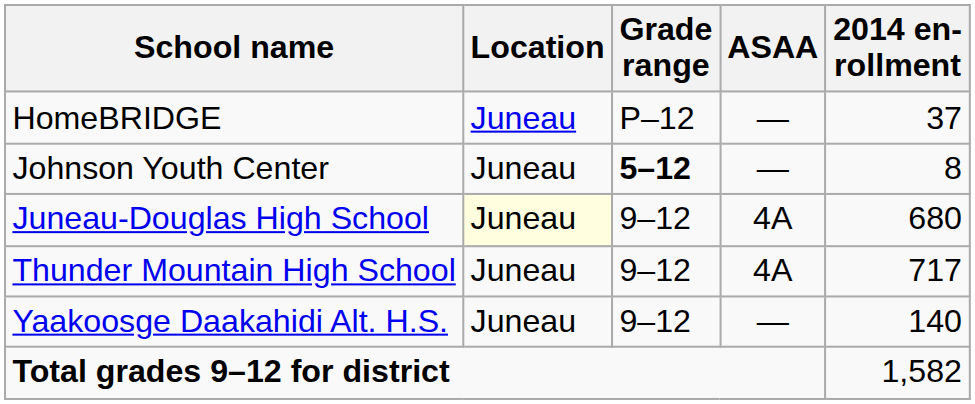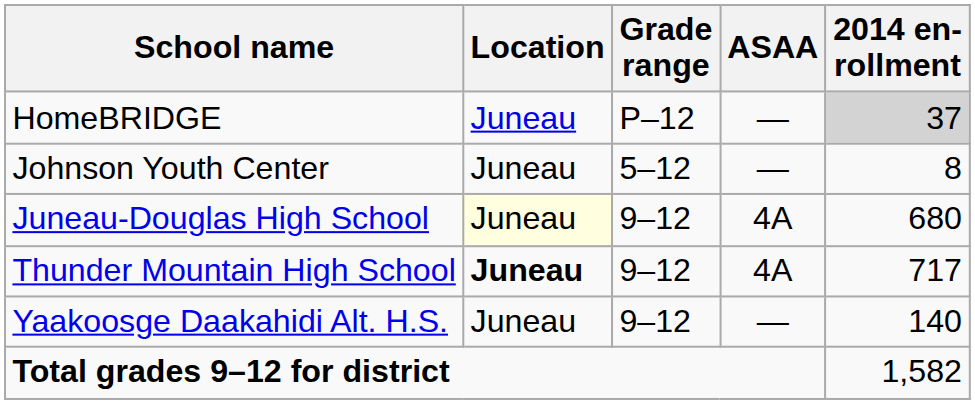 <table class="wikitable">
 <tr>
 <th>School name</th>
 <th>Location</th>
 <th>Grade<br>range</th>
 <th>ASAA</th>
 <th>2014 en-<br>rollment</th>
 </tr>
 <tr>
 <td>HomeBRIDGE</td>
 <td><a href='#'>Juneau</a></td>
 <td>P–12</td>
 <td align="center">—</td>
-<td align="right">37</td>
+<td align="right" style="background: lightgrey;">37</td>
 </tr>
 <tr>
 <td>Johnson Youth Center</td>
 <td>Juneau</td>
-<td><strong>5–12</strong></td>
+<td>5–12</td>
 <td align="center">—</td>
 <td align="right">8</td>
 </tr>
 <tr>
 <td><a href='#'>Juneau-Douglas High School</a></td>
 <td style="background: lightyellow;">Juneau</td>
 <td>9–12</td>
 <td align="center">4A</td>
 <td align="right">680</td>
 </tr>
 <tr>
 <td><a href='#'>Thunder Mountain High School</a></td>
-<td>Juneau</td>
+<td><strong>Juneau</strong></td>
 <td>9–12</td>
 <td align="center">4A</td>
 <td align="right">717</td>
 </tr>
 <tr>
 <td><a href='#'>Yaakoosge Daakahidi Alt. H.S.</a></td>
 <td>Juneau</td>
 <td>9–12</td>
 <td align="center">—</td>
 <td align="right">140</td>
 </tr>
 <tr>
 <td colspan="4"><strong>Total grades 9–12 for district</strong></td>
 <td align="right">1,582</td>
 </tr>
 </table>
